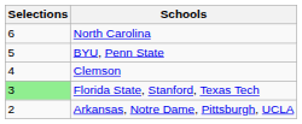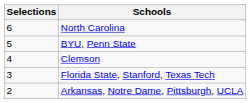 <table class="wikitable sortable" style="text-align:left">
 <tr>
 <th>Selections</th>
 <th class="unsortable">Schools</th>
 </tr>
 <tr>
 <td>6</td>
 <td><a href='#'>North Carolina</a></td>
 </tr>
 <tr>
 <td>5</td>
 <td><a href='#'>BYU</a>, <a href='#'>Penn State</a></td>
 </tr>
 <tr>
 <td>4</td>
 <td><a href='#'>Clemson</a></td>
 </tr>
 <tr>
-<td style="background: lightgreen;">3</td>
+<td>3</td>
 <td><a href='#'>Florida State</a>, <a href='#'>Stanford</a>, <a href='#'>Texas Tech</a></td>
 </tr>
 <tr>
 <td>2</td>
 <td><a href='#'>Arkansas</a>, <a href='#'>Notre Dame</a>, <a href='#'>Pittsburgh</a>, <a href='#'>UCLA</a></td>
 </tr>
 </table>
